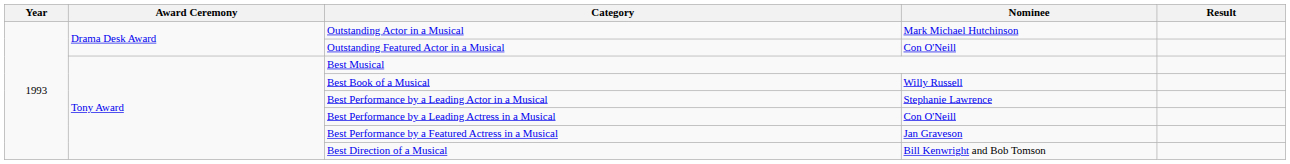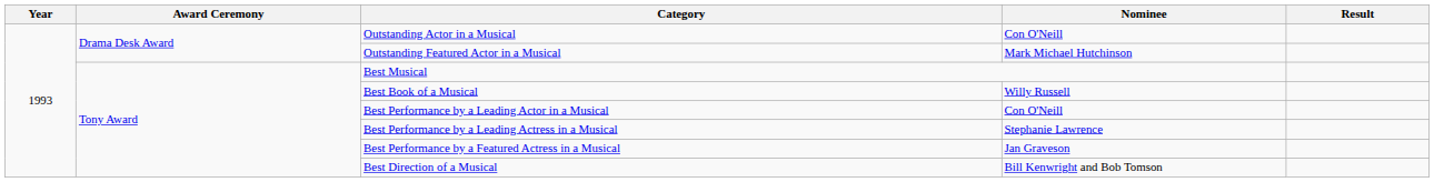 <table class="wikitable" style="width:95%;">
 <tr>
 <th style="width:5%;">Year</th>
 <th style="width:20%;">Award Ceremony</th>
 <th style="width:45%;">Category</th>
 <th style="width:20%;">Nominee</th>
 <th style="width:10%;">Result</th>
 </tr>
 <tr>
 <td rowspan="8" style="text-align:center;">1993</td>
 <td rowspan="2"><a href='#'>Drama Desk Award</a></td>
 <td><a href='#'>Outstanding Actor in a Musical</a></td>
-<td><a href='#'>Mark Michael Hutchinson</a></td>
+<td><a href='#'>Con O'Neill</a></td>
 <td></td>
 </tr>
 <tr>
 <td><a href='#'>Outstanding Featured Actor in a Musical</a></td>
-<td><a href='#'>Con O'Neill</a></td>
+<td><a href='#'>Mark Michael Hutchinson</a></td>
 <td></td>
 </tr>
 <tr>
 <td rowspan="6"><a href='#'>Tony Award</a></td>
 <td colspan="2"><a href='#'>Best Musical</a></td>
 <td></td>
 </tr>
 <tr>
 <td><a href='#'>Best Book of a Musical</a></td>
 <td><a href='#'>Willy Russell</a></td>
 <td></td>
 </tr>
 <tr>
 <td><a href='#'>Best Performance by a Leading Actor in a Musical</a></td>
-<td><a href='#'>Stephanie Lawrence</a></td>
+<td><a href='#'>Con O'Neill</a></td>
 <td></td>
 </tr>
 <tr>
 <td><a href='#'>Best Performance by a Leading Actress in a Musical</a></td>
-<td><a href='#'>Con O'Neill</a></td>
+<td><a href='#'>Stephanie Lawrence</a></td>
 <td></td>
 </tr>
 <tr>
 <td><a href='#'>Best Performance by a Featured Actress in a Musical</a></td>
 <td><a href='#'>Jan Graveson</a></td>
 <td></td>
 </tr>
 <tr>
 <td><a href='#'>Best Direction of a Musical</a></td>
 <td><a href='#'>Bill Kenwright</a> and Bob Tomson</td>
 <td></td>
 </tr>
 </table>
